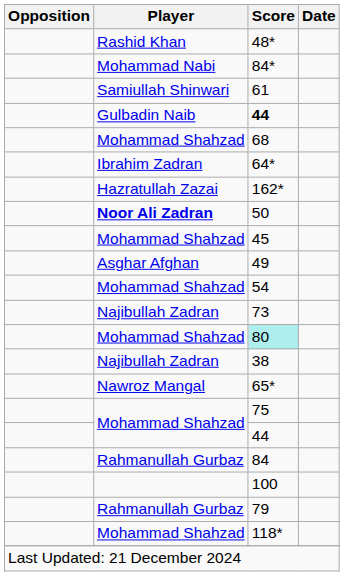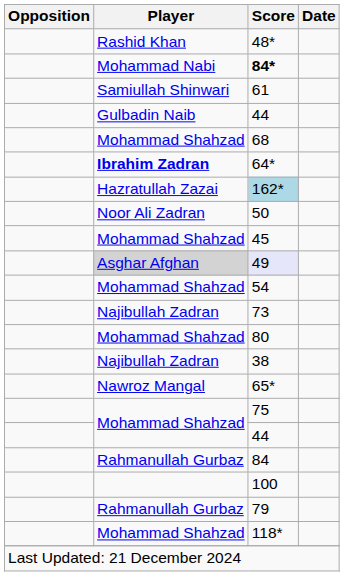 <table class="wikitable sortable">
 <tr>
 <th>Opposition</th>
 <th>Player</th>
 <th>Score</th>
 <th>Date</th>
 </tr>
 <tr>
 <td></td>
 <td><a href='#'>Rashid Khan</a></td>
 <td>48*</td>
 <td></td>
 </tr>
 <tr>
 <td></td>
 <td><a href='#'>Mohammad Nabi</a></td>
-<td>84*</td>
+<td><strong>84*</strong></td>
 <td></td>
 </tr>
 <tr>
 <td></td>
 <td><a href='#'>Samiullah Shinwari</a></td>
 <td>61</td>
 <td></td>
 </tr>
 <tr>
 <td></td>
 <td><a href='#'>Gulbadin Naib</a></td>
-<td><strong>44</strong></td>
+<td>44</td>
 <td> </td>
 </tr>
 <tr>
 <td></td>
 <td><a href='#'>Mohammad Shahzad</a></td>
 <td>68</td>
 <td> </td>
 </tr>
 <tr>
 <td></td>
-<td><a href='#'>Ibrahim Zadran</a></td>
+<td><strong><a href='#'>Ibrahim Zadran</a></strong></td>
 <td>64*</td>
 <td> </td>
 </tr>
 <tr>
 <td></td>
 <td><a href='#'>Hazratullah Zazai</a></td>
-<td>162*</td>
+<td style="background: lightblue;">162*</td>
 <td></td>
 </tr>
 <tr>
 <td></td>
-<td><strong><a href='#'>Noor Ali Zadran</a></strong></td>
+<td><a href='#'>Noor Ali Zadran</a></td>
 <td>50</td>
 <td></td>
 </tr>
 <tr>
 <td></td>
 <td><a href='#'>Mohammad Shahzad</a></td>
 <td>45</td>
 <td> </td>
 </tr>
 <tr>
 <td></td>
-<td><a href='#'>Asghar Afghan</a></td>
-<td>49</td>
+<td style="background: lightgrey;"><a href='#'>Asghar Afghan</a></td>
+<td style="background: lavender;">49</td>
 <td></td>
 </tr>
 <tr>
 <td></td>
 <td><a href='#'>Mohammad Shahzad</a></td>
 <td>54</td>
 <td></td>
 </tr>
 <tr>
 <td></td>
 <td><a href='#'>Najibullah Zadran</a></td>
 <td>73</td>
 <td> </td>
 </tr>
 <tr>
 <td></td>
 <td><a href='#'>Mohammad Shahzad</a></td>
-<td style="background: paleturquoise;">80</td>
+<td>80</td>
 <td></td>
 </tr>
 <tr>
 <td></td>
 <td><a href='#'>Najibullah Zadran</a></td>
 <td>38</td>
 <td></td>
 </tr>
 <tr>
 <td></td>
 <td><a href='#'>Nawroz Mangal</a></td>
 <td>65*</td>
 <td></td>
 </tr>
 <tr>
 <td></td>
 <td rowspan=2><a href='#'>Mohammad Shahzad</a></td>
 <td>75</td>
 <td></td>
 </tr>
 <tr>
 <td></td>
 <td>44</td>
 <td></td>
 </tr>
 <tr>
 <td></td>
 <td><a href='#'>Rahmanullah Gurbaz</a></td>
 <td>84</td>
 <td></td>
 </tr>
 <tr>
 <td></td>
 <td> </td>
 <td>100</td>
 <td></td>
 </tr>
 <tr>
 <td></td>
 <td><a href='#'>Rahmanullah Gurbaz</a></td>
 <td>79</td>
 <td></td>
 </tr>
 <tr>
 <td></td>
 <td><a href='#'>Mohammad Shahzad</a></td>
 <td>118*</td>
 <td></td>
 </tr>
 <tr>
 </tr>
 <tr class=sortbottom>
 <td colspan=5>Last Updated: 21 December 2024</td>
 </tr>
 </table>
